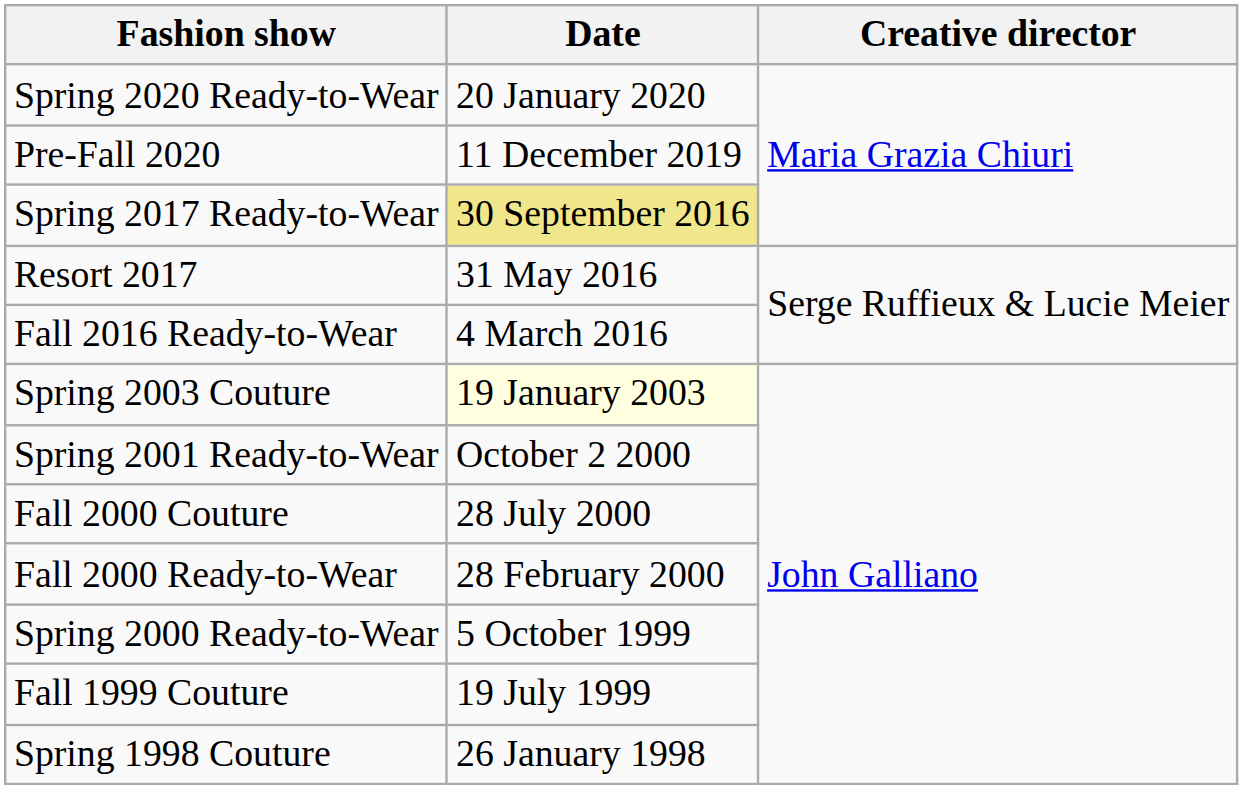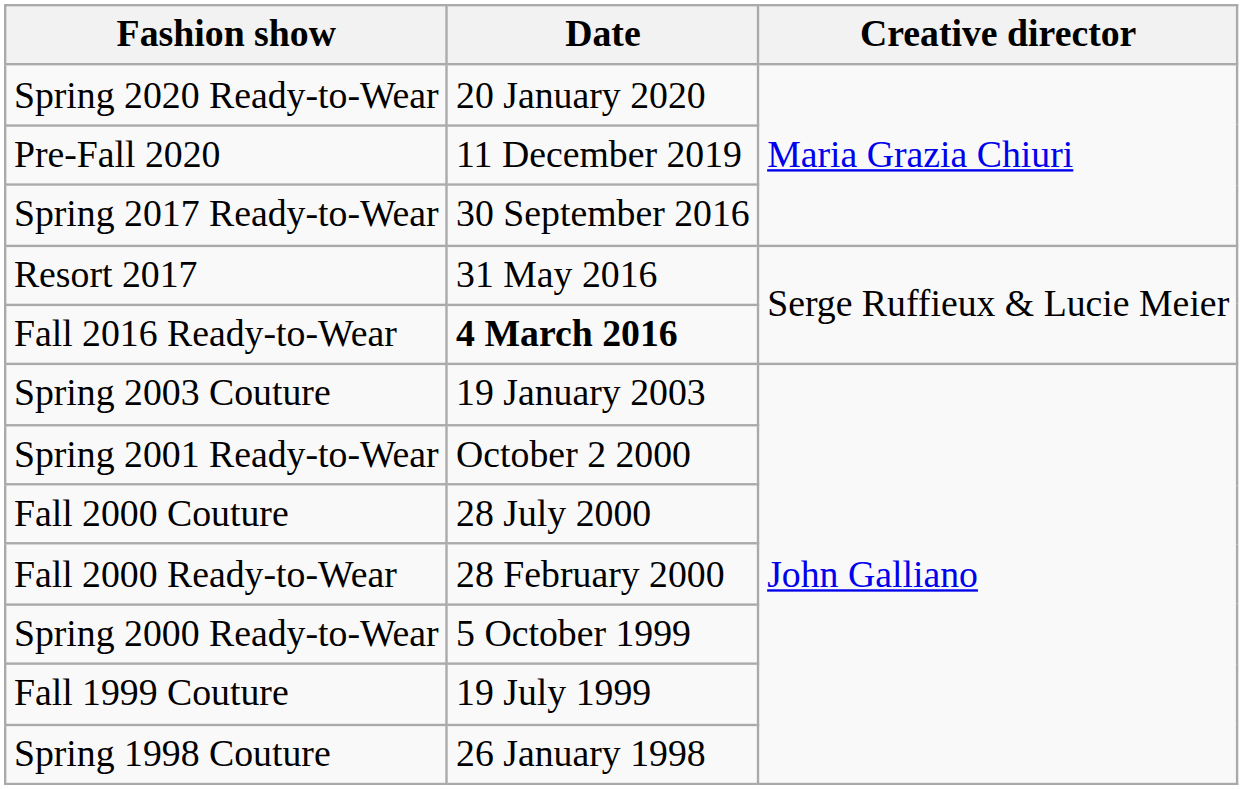 <table class="wikitable sortable">
 <tr>
 <th>Fashion show</th>
 <th>Date</th>
 <th>Creative director</th>
 </tr>
 <tr>
 <td>Spring 2020 Ready-to-Wear</td>
 <td>20 January 2020</td>
 <td rowspan="3"><a href='#'>Maria Grazia Chiuri</a></td>
 </tr>
 <tr>
 <td>Pre-Fall 2020</td>
 <td>11 December 2019</td>
 </tr>
 <tr>
 <td>Spring 2017 Ready-to-Wear</td>
-<td style="background: khaki;">30 September 2016</td>
+<td>30 September 2016</td>
 </tr>
 <tr>
 <td>Resort 2017</td>
 <td>31 May 2016</td>
 <td rowspan="2">Serge Ruffieux & Lucie Meier</td>
 </tr>
 <tr>
 <td>Fall 2016 Ready-to-Wear</td>
-<td>4 March 2016</td>
+<td><strong>4 March 2016</strong></td>
 </tr>
 <tr>
 <td>Spring 2003 Couture</td>
-<td style="background: lightyellow;">19 January 2003</td>
+<td>19 January 2003</td>
 <td rowspan="7"><a href='#'>John Galliano</a></td>
 </tr>
 <tr>
 <td>Spring 2001 Ready-to-Wear</td>
 <td>October 2 2000</td>
 </tr>
 <tr>
 <td>Fall 2000 Couture</td>
 <td>28 July 2000</td>
 </tr>
 <tr>
 <td>Fall 2000 Ready-to-Wear</td>
 <td>28 February 2000</td>
 </tr>
 <tr>
 <td>Spring 2000 Ready-to-Wear</td>
 <td>5 October 1999</td>
 </tr>
 <tr>
 <td>Fall 1999 Couture</td>
 <td>19 July 1999</td>
 </tr>
 <tr>
 <td>Spring 1998 Couture</td>
 <td>26 January  1998</td>
 </tr>
 </table>
